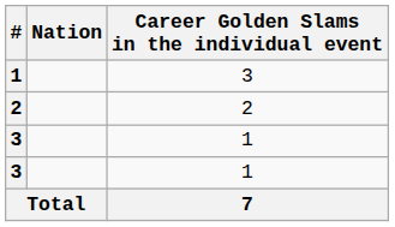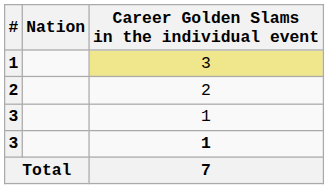 <table class="wikitable sortable" style="text-align: center;">
 <tr>
 <th>#</th>
 <th>Nation</th>
 <th>Career Golden Slams<br>in the individual event</th>
 </tr>
 <tr>
 <th>1</th>
 <td></td>
-<td>3</td>
+<td style="background: khaki;">3</td>
 </tr>
 <tr>
 <th>2</th>
 <td></td>
 <td>2</td>
 </tr>
 <tr>
 <th>3</th>
 <td></td>
 <td>1</td>
 </tr>
 <tr>
 <th>3</th>
 <td></td>
-<td>1</td>
+<td><strong>1</strong></td>
 </tr>
 <tr class="sortbottom">
 <th colspan="2">Total</th>
 <th>7</th>
 </tr>
 </table>
